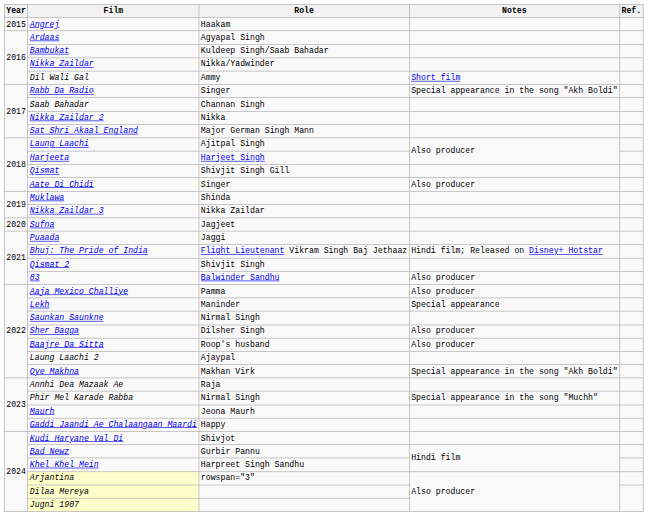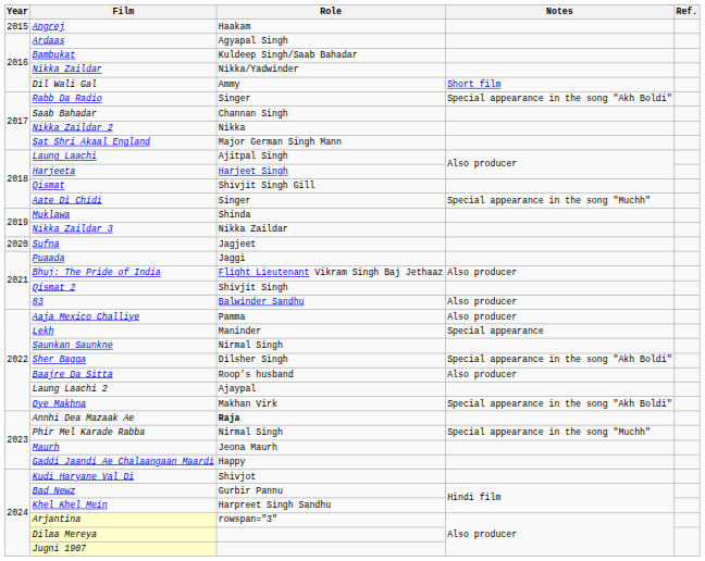 <table class="wikitable sortable">
 <tr>
 <th scope="col">Year</th>
 <th scope="col">Film</th>
 <th scope="col">Role</th>
 <th scope="col" class="unsortable">Notes</th>
 <th scope="col" class="unsortable">Ref.</th>
 </tr>
 <tr>
 <td>2015</td>
 <td><em><a href='#'>Angrej</a></em></td>
 <td>Haakam</td>
 <td></td>
 <td></td>
 </tr>
 <tr>
 <td rowspan="4">2016</td>
 <td><em><a href='#'>Ardaas</a></em></td>
 <td>Agyapal Singh</td>
 <td></td>
 <td></td>
 </tr>
 <tr>
 <td><em><a href='#'>Bambukat</a></em></td>
 <td>Kuldeep Singh/Saab Bahadar</td>
 <td></td>
 <td></td>
 </tr>
 <tr>
 <td><em><a href='#'>Nikka Zaildar</a></em></td>
 <td>Nikka/Yadwinder</td>
 <td></td>
 <td></td>
 </tr>
 <tr>
 <td><em>Dil Wali Gal</em></td>
 <td>Ammy</td>
 <td><a href='#'>Short film</a></td>
 <td></td>
 </tr>
 <tr>
 <td rowspan="4">2017</td>
 <td><em><a href='#'>Rabb Da Radio</a></em></td>
 <td>Singer</td>
 <td>Special appearance in the song "Akh Boldi"</td>
 <td></td>
 </tr>
 <tr>
 <td><em>Saab Bahadar</em></td>
 <td>Channan Singh</td>
 <td></td>
 <td></td>
 </tr>
 <tr>
 <td><em><a href='#'>Nikka Zaildar 2</a></em></td>
 <td>Nikka</td>
 <td></td>
 <td></td>
 </tr>
 <tr>
 <td><em><a href='#'>Sat Shri Akaal England</a></em></td>
 <td>Major German Singh Mann</td>
 <td></td>
 <td></td>
 </tr>
 <tr>
 <td rowspan="4">2018</td>
 <td><em><a href='#'>Laung Laachi</a></em></td>
 <td>Ajitpal Singh</td>
 <td rowspan="2">Also producer</td>
 <td></td>
 </tr>
 <tr>
 <td><em><a href='#'>Harjeeta</a></em></td>
 <td><a href='#'>Harjeet Singh</a></td>
 <td></td>
 </tr>
 <tr>
 <td><em><a href='#'>Qismat</a></em></td>
 <td>Shivjit Singh Gill</td>
 <td></td>
 <td></td>
 </tr>
 <tr>
 <td><em><a href='#'>Aate Di Chidi</a></em></td>
 <td>Singer</td>
-<td>Also producer</td>
+<td>Special appearance in the song "Muchh"</td>
 <td></td>
 </tr>
 <tr>
 <td rowspan="2">2019</td>
 <td><em><a href='#'>Muklawa</a></em></td>
 <td>Shinda</td>
 <td></td>
 <td></td>
 </tr>
 <tr>
 <td><em><a href='#'>Nikka Zaildar 3</a></em></td>
 <td>Nikka Zaildar</td>
 <td></td>
 <td></td>
 </tr>
 <tr>
 <td>2020</td>
 <td><em><a href='#'>Sufna</a></em></td>
 <td>Jagjeet</td>
 <td></td>
 <td></td>
 </tr>
 <tr>
 <td rowspan="4">2021</td>
 <td><em><a href='#'>Puaada</a></em></td>
 <td>Jaggi</td>
 <td></td>
 <td></td>
 </tr>
 <tr>
 <td><em><a href='#'>Bhuj: The Pride of India</a></em></td>
 <td><a href='#'>Flight Lieutenant</a> Vikram Singh Baj Jethaaz</td>
-<td>Hindi film; Released on <a href='#'>Disney+ Hotstar</a></td>
+<td>Also producer</td>
 <td></td>
 </tr>
 <tr>
 <td><em><a href='#'>Qismat 2</a></em></td>
 <td>Shivjit Singh</td>
 <td></td>
 <td></td>
 </tr>
 <tr>
 <td><em><a href='#'>83</a></em></td>
 <td><a href='#'>Balwinder Sandhu</a></td>
 <td>Also producer</td>
 <td></td>
 </tr>
 <tr>
 <td rowspan="7">2022</td>
 <td><em><a href='#'>Aaja Mexico Challiye</a></em></td>
 <td>Pamma</td>
 <td>Also producer</td>
 <td></td>
 </tr>
 <tr>
 <td><em><a href='#'>Lekh</a></em></td>
 <td>Maninder</td>
 <td>Special appearance</td>
 <td></td>
 </tr>
 <tr>
 <td><em><a href='#'>Saunkan Saunkne</a></em></td>
 <td>Nirmal Singh</td>
 <td></td>
 <td></td>
 </tr>
 <tr>
 <td><em><a href='#'>Sher Bagga</a></em></td>
 <td>Dilsher Singh</td>
-<td>Also producer</td>
+<td>Special appearance in the song "Akh Boldi"</td>
 <td></td>
 </tr>
 <tr>
 <td><em><a href='#'>Baajre Da Sitta</a></em></td>
 <td>Roop's husband</td>
 <td>Also producer</td>
 <td></td>
 </tr>
 <tr>
 <td><em>Laung Laachi 2</em></td>
 <td>Ajaypal</td>
 <td></td>
 <td></td>
 </tr>
 <tr>
 <td><em><a href='#'>Oye Makhna</a></em></td>
 <td>Makhan Virk</td>
 <td>Special appearance in the song "Akh Boldi"</td>
 <td></td>
 </tr>
 <tr>
 <td rowspan="4">2023</td>
 <td><em>Annhi Dea Mazaak Ae</em></td>
-<td>Raja</td>
+<td><strong>Raja</strong></td>
 <td></td>
 <td></td>
 </tr>
 <tr>
 <td><em>Phir Mel Karade Rabba</em></td>
 <td>Nirmal Singh</td>
 <td>Special appearance in the song "Muchh"</td>
 <td></td>
 </tr>
 <tr>
 <td><em><a href='#'>Maurh</a></em></td>
 <td>Jeona Maurh</td>
 <td></td>
 <td></td>
 </tr>
 <tr>
 <td><em><a href='#'>Gaddi Jaandi Ae Chalaangaan Maardi</a></em></td>
 <td>Happy</td>
 <td></td>
 <td></td>
 </tr>
 <tr>
 <td rowspan="6">2024</td>
 <td><em><a href='#'>Kudi Haryane Val Di</a></em></td>
 <td>Shivjot</td>
 <td></td>
 <td></td>
 </tr>
 <tr>
 <td><em><a href='#'>Bad Newz</a></em></td>
 <td>Gurbir Pannu</td>
 <td rowspan="2">Hindi film</td>
 <td style="text-align:center;"></td>
 </tr>
 <tr>
 <td><em><a href='#'>Khel Khel Mein</a></em></td>
 <td>Harpreet Singh Sandhu</td>
 <td style="text-align:center;"></td>
 </tr>
 <tr>
 <td style="background:#FFFFCC;"><em>Arjantina</em> </td>
 <td>rowspan="3"</td>
 <td rowspan="3">Also producer</td>
 <td></td>
 </tr>
 <tr>
 <td style="background:#FFFFCC;"><em>Dilaa Mereya</em> </td>
 <td></td>
 </tr>
 <tr>
 <td style="background:#FFFFCC;"><em>Jugni 1907</em> </td>
 <td></td>
 </tr>
 </table>
